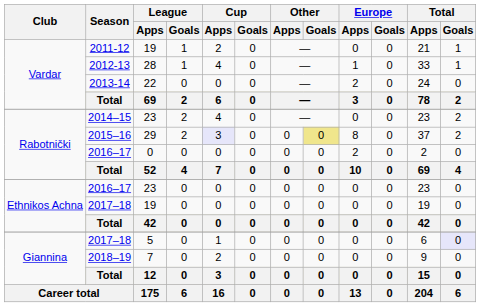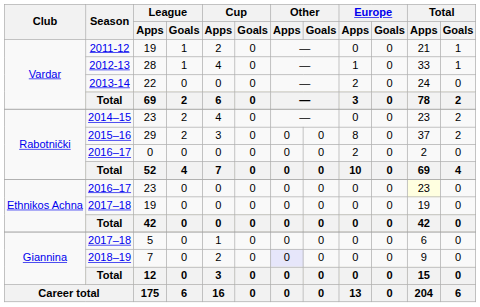 <table class="wikitable" style="text-align:center">
 <tr>
 <th rowspan="2">Club</th>
 <th rowspan="2">Season</th>
 <th colspan="2">League</th>
 <th colspan="2">Cup</th>
 <th colspan="2">Other</th>
 <th colspan="2"><a href='#'>Europe</a></th>
 <th colspan="2">Total</th>
 </tr>
 <tr>
 <th>Apps</th>
 <th>Goals</th>
 <th>Apps</th>
 <th>Goals</th>
 <th>Apps</th>
 <th>Goals</th>
 <th>Apps</th>
 <th>Goals</th>
 <th>Apps</th>
 <th>Goals</th>
 </tr>
 <tr style="text-align:center;">
 <td rowspan="4"><a href='#'>Vardar</a></td>
 <td><a href='#'>2011-12</a></td>
 <td>19</td>
 <td>1</td>
 <td>2</td>
 <td>0</td>
 <td colspan="2">—</td>
 <td>0</td>
 <td>0</td>
 <td>21</td>
 <td>1</td>
 </tr>
 <tr>
 <td><a href='#'>2012-13</a></td>
 <td>28</td>
 <td>1</td>
 <td>4</td>
 <td>0</td>
 <td colspan="2">—</td>
 <td>1</td>
 <td>0</td>
 <td>33</td>
 <td>1</td>
 </tr>
 <tr>
 <td><a href='#'>2013-14</a></td>
 <td>22</td>
 <td>0</td>
 <td>0</td>
 <td>0</td>
 <td colspan="2">—</td>
 <td>2</td>
 <td>0</td>
 <td>24</td>
 <td>0</td>
 </tr>
 <tr style="background:lemonchiffon">
 <th>Total</th>
 <th>69</th>
 <th>2</th>
 <th>6</th>
 <th>0</th>
 <th colspan="2">—</th>
 <th>3</th>
 <th>0</th>
 <th>78</th>
 <th>2</th>
 </tr>
 <tr>
 </tr>
 <tr style="text-align:center;">
 <td rowspan="4"><a href='#'>Rabotnički</a></td>
 <td><a href='#'>2014–15</a></td>
 <td>23</td>
 <td>2</td>
 <td>4</td>
 <td>0</td>
 <td colspan="2">—</td>
 <td>0</td>
 <td>0</td>
 <td>23</td>
 <td>2</td>
 </tr>
 <tr>
 <td><a href='#'>2015–16</a></td>
 <td>29</td>
 <td>2</td>
-<td style="background: lavender;">3</td>
+<td>3</td>
 <td>0</td>
 <td>0</td>
-<td style="background: khaki;">0</td>
+<td>0</td>
 <td>8</td>
 <td>0</td>
 <td>37</td>
 <td>2</td>
 </tr>
 <tr>
 <td><a href='#'>2016–17</a></td>
 <td>0</td>
 <td>0</td>
 <td>0</td>
 <td>0</td>
 <td>0</td>
 <td>0</td>
 <td>2</td>
 <td>0</td>
 <td>2</td>
 <td>0</td>
 </tr>
 <tr style="background:lemonchiffon">
 <th>Total</th>
 <th>52</th>
 <th>4</th>
 <th>7</th>
 <th>0</th>
 <th>0</th>
 <th>0</th>
 <th>10</th>
 <th>0</th>
 <th>69</th>
 <th>4</th>
 </tr>
 <tr>
 </tr>
 <tr style="text-align:center;">
 <td rowspan="3"><a href='#'>Ethnikos Achna</a></td>
 <td><a href='#'>2016–17</a></td>
 <td>23</td>
 <td>0</td>
 <td>0</td>
 <td>0</td>
 <td>0</td>
 <td>0</td>
 <td>0</td>
 <td>0</td>
-<td>23</td>
+<td style="background: lightyellow;">23</td>
 <td>0</td>
 </tr>
 <tr>
 <td><a href='#'>2017–18</a></td>
 <td>19</td>
 <td>0</td>
 <td>0</td>
 <td>0</td>
 <td>0</td>
 <td>0</td>
 <td>0</td>
 <td>0</td>
 <td>19</td>
 <td>0</td>
 </tr>
 <tr style="background:lemonchiffon">
 <th>Total</th>
 <th>42</th>
 <th>0</th>
 <th>0</th>
 <th>0</th>
 <th>0</th>
 <th>0</th>
 <th>0</th>
 <th>0</th>
 <th>42</th>
 <th>0</th>
 </tr>
 <tr>
 </tr>
 <tr style="text-align:center;">
 <td rowspan="3"><a href='#'>Giannina</a></td>
 <td><a href='#'>2017–18</a></td>
 <td>5</td>
 <td>0</td>
 <td>1</td>
 <td>0</td>
 <td>0</td>
 <td>0</td>
 <td>0</td>
 <td>0</td>
 <td>6</td>
-<td style="background: lavender;">0</td>
+<td>0</td>
 </tr>
 <tr>
 <td><a href='#'>2018–19</a></td>
 <td>7</td>
 <td>0</td>
 <td>2</td>
 <td>0</td>
-<td>0</td>
+<td style="background: lavender;">0</td>
 <td>0</td>
 <td>0</td>
 <td>0</td>
 <td>9</td>
 <td>0</td>
 </tr>
 <tr style="background:lemonchiffon">
 <th>Total</th>
 <th>12</th>
 <th>0</th>
 <th>3</th>
 <th>0</th>
 <th>0</th>
 <th>0</th>
 <th>0</th>
 <th>0</th>
 <th>15</th>
 <th>0</th>
 </tr>
 <tr>
 <th colspan=2>Career total</th>
 <th>175</th>
 <th>6</th>
 <th>16</th>
 <th>0</th>
 <th>0</th>
 <th>0</th>
 <th>13</th>
 <th>0</th>
 <th>204</th>
 <th>6</th>
 </tr>
 </table>
